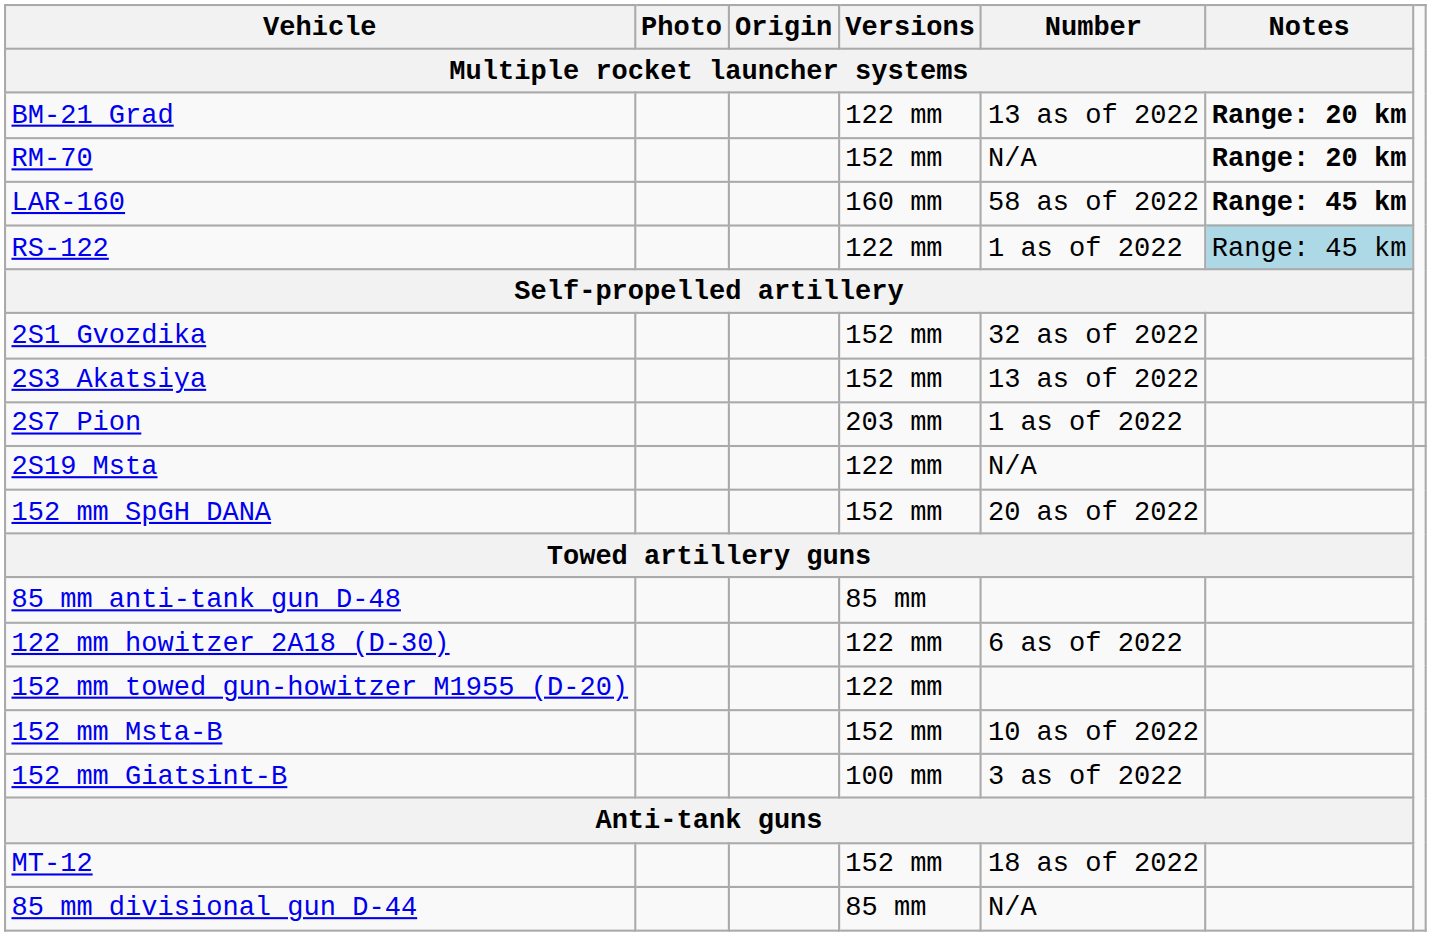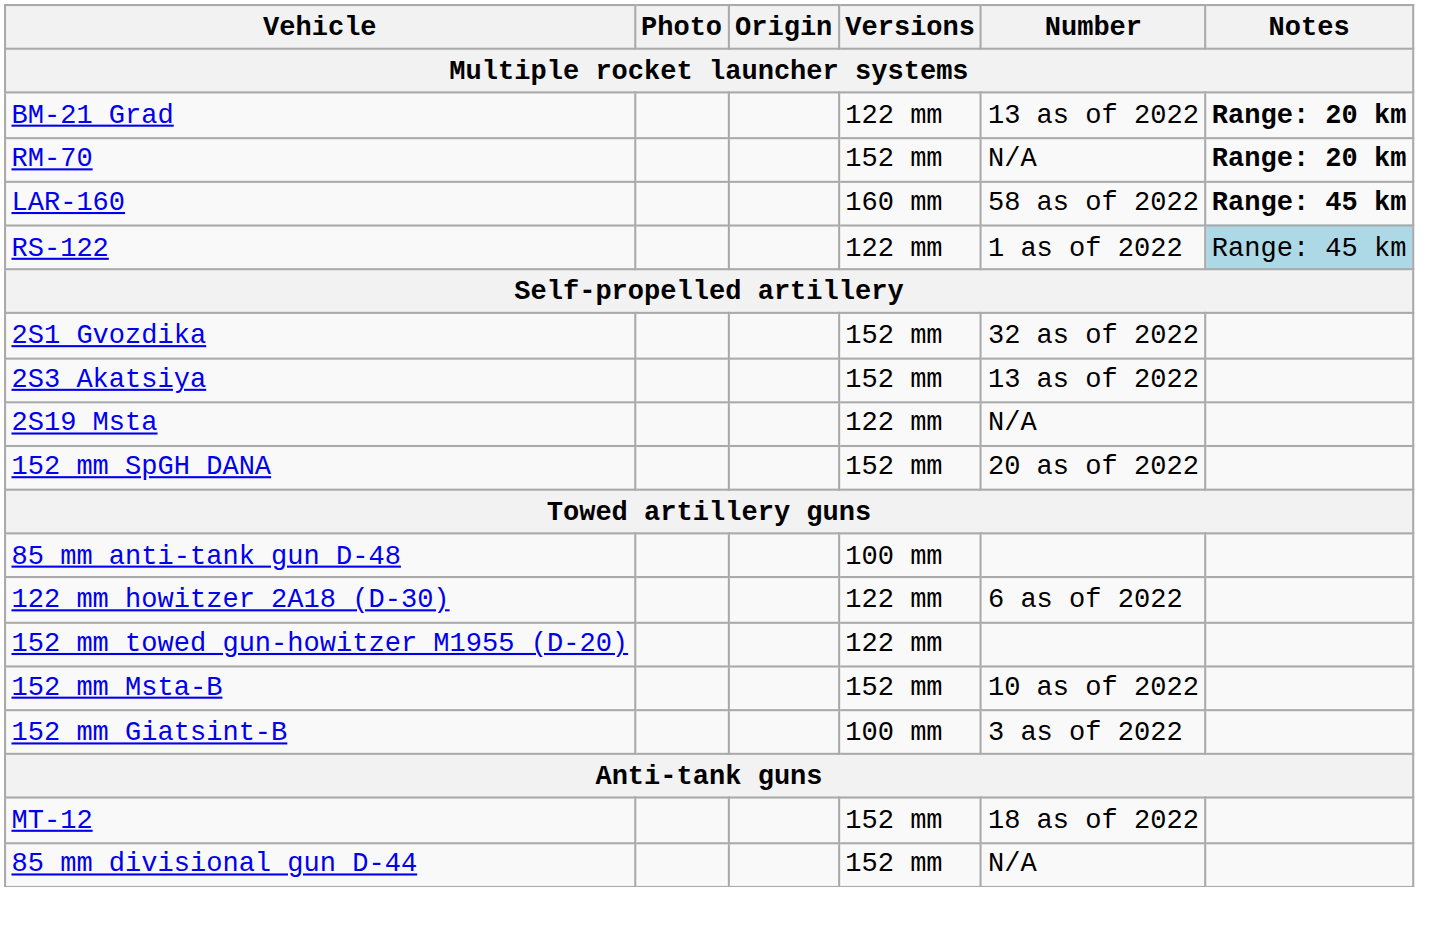 <table class="wikitable">
 <tr>
 <th>Vehicle</th>
 <th>Photo</th>
 <th>Origin</th>
 <th>Versions</th>
 <th>Number</th>
 <th>Notes</th>
 </tr>
 <tr>
 <th colspan="6">Multiple rocket launcher systems</th>
 </tr>
 <tr>
 <td><a href='#'>BM-21 Grad</a></td>
 <td></td>
 <td></td>
 <td>122 mm</td>
 <td>13 as of 2022</td>
 <td><strong>Range: 20 km</strong></td>
 </tr>
 <tr>
 <td><a href='#'>RM-70</a></td>
 <td></td>
 <td></td>
 <td>152 mm</td>
 <td>N/A</td>
 <td><strong>Range: 20 km</strong></td>
 </tr>
 <tr>
 <td><a href='#'>LAR-160</a></td>
 <td></td>
 <td></td>
 <td>160 mm</td>
 <td>58 as of 2022</td>
 <td><strong>Range: 45 km</strong></td>
 </tr>
 <tr>
 <td><a href='#'>RS-122</a></td>
 <td></td>
 <td></td>
 <td>122 mm</td>
 <td>1 as of 2022</td>
 <td style="background: lightblue;">Range: 45 km</td>
 </tr>
 <tr>
 <th colspan="6" style="align: center;">Self-propelled artillery</th>
 </tr>
 <tr>
 <td><a href='#'>2S1 Gvozdika</a></td>
 <td></td>
 <td></td>
 <td>152 mm</td>
 <td>32 as of 2022</td>
 <td></td>
 </tr>
 <tr>
 <td><a href='#'>2S3 Akatsiya</a></td>
 <td></td>
 <td></td>
 <td>152 mm</td>
 <td>13 as of 2022</td>
 <td></td>
 </tr>
 <tr>
-<td><a href='#'>2S7 Pion</a></td>
-<td></td>
-<td></td>
-<td>203 mm</td>
-<td>1 as of 2022</td>
-<td></td>
-<td></td>
-</tr>
-<tr>
 <td><a href='#'>2S19 Msta</a></td>
 <td></td>
 <td></td>
 <td>122 mm</td>
 <td>N/A</td>
 <td></td>
 </tr>
 <tr>
 <td><a href='#'>152 mm SpGH DANA</a></td>
 <td></td>
 <td></td>
 <td>152 mm</td>
 <td>20 as of 2022</td>
 <td></td>
 </tr>
 <tr>
 <th colspan="6">Towed artillery guns</th>
 </tr>
 <tr>
 <td><a href='#'>85 mm anti-tank gun D-48</a></td>
 <td></td>
 <td></td>
-<td>85 mm</td>
+<td>100 mm</td>
 <td></td>
 <td></td>
 </tr>
 <tr>
 <td><a href='#'>122 mm howitzer 2A18 (D-30)</a></td>
 <td></td>
 <td><br></td>
 <td>122 mm</td>
 <td>6 as of 2022</td>
 <td></td>
 </tr>
 <tr>
 <td><a href='#'>152 mm towed gun-howitzer M1955 (D-20)</a></td>
 <td></td>
 <td></td>
 <td>122 mm</td>
 <td></td>
 <td></td>
 </tr>
 <tr>
 <td><a href='#'>152 mm Msta-B</a></td>
 <td></td>
 <td><br></td>
 <td>152 mm</td>
 <td>10 as of 2022</td>
 <td></td>
 </tr>
 <tr>
 <td><a href='#'>152 mm Giatsint-B</a></td>
 <td></td>
 <td></td>
 <td>100 mm</td>
 <td>3 as of 2022</td>
 <td></td>
 </tr>
 <tr>
 <th colspan="6">Anti-tank guns</th>
 </tr>
 <tr>
 <td><a href='#'>MT-12</a></td>
 <td></td>
 <td></td>
 <td>152 mm</td>
 <td>18 as of 2022</td>
 <td></td>
 </tr>
 <tr>
 <td><a href='#'>85 mm divisional gun D-44</a></td>
 <td></td>
 <td></td>
-<td>85 mm</td>
+<td>152 mm</td>
 <td>N/A</td>
 <td></td>
 </tr>
 </table>
